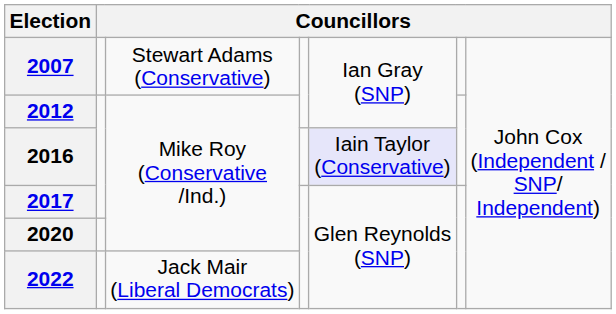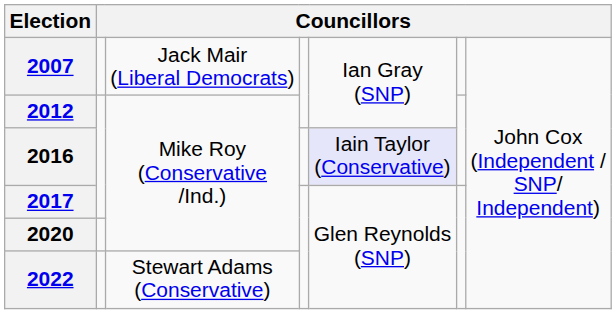 <table class="wikitable" style="text-align:center">
 <tr>
 <th>Election</th>
 <th colspan=6>Councillors</th>
 </tr>
 <tr>
 <th><a href='#'>2007</a></th>
 <td rowspan=1; style="background-color: "></td>
-<td rowspan=1>Stewart Adams<br>(<a href='#'>Conservative</a>)</td>
+<td rowspan=1>Jack Mair<br>(<a href='#'>Liberal Democrats</a>)</td>
 <td rowspan=2; style="background-color: "></td>
 <td rowspan=2>Ian Gray<br>(<a href='#'>SNP</a>)</td>
 <td rowspan=1; style="background-color: "></td>
 <td rowspan=6>John Cox<br>(<a href='#'>Independent</a> /<br> <a href='#'>SNP</a>/<br><a href='#'>Independent</a>) </td>
 </tr>
 <tr>
 <th><a href='#'>2012</a></th>
 <td rowspan=3; style="background-color: "></td>
 <td rowspan=4>Mike Roy<br>(<a href='#'>Conservative</a><br>/Ind.)</td>
 <td rowspan=2; style="background-color: "></td>
 </tr>
 <tr>
 <th>2016</th>
 <td rowspan=1; style="background-color: "></td>
 <td rowspan=1 style="background: lavender;">Iain Taylor<br>(<a href='#'>Conservative</a>)</td>
 </tr>
 <tr>
 <th><a href='#'>2017</a></th>
 <td rowspan=3; style="background-color: "></td>
 <td rowspan=3>Glen Reynolds<br>(<a href='#'>SNP</a>)</td>
 <td rowspan=3; style="background-color: "></td>
 </tr>
 <tr>
 <th>2020</th>
 <td rowspan=1; style="background-color: "></td>
 </tr>
 <tr>
 <th><a href='#'>2022</a></th>
 <td rowspan=1; style="background-color: "></td>
-<td rowspan=1>Jack Mair<br>(<a href='#'>Liberal Democrats</a>)</td>
+<td rowspan=1>Stewart Adams<br>(<a href='#'>Conservative</a>)</td>
 </tr>
 </table>
